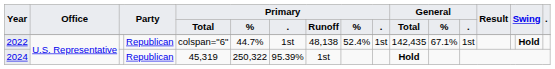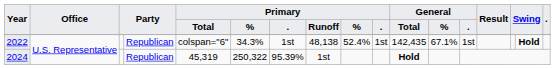 <table class="wikitable" style="font-size:90%; text-align:center;">
 <tr>
 <th style="background-color:#EAECF0;" rowspan=2>Year</th>
 <th style="background-color:#EAECF0;" rowspan=2>Office</th>
 <th style="background-color:#EAECF0;" colspan=2 rowspan=2>Party</th>
 <th style="background-color:#EAECF0;" colspan=6>Primary</th>
 <th style="background-color:#EAECF0;" colspan=3>General</th>
 <th style="background-color:#EAECF0;" rowspan=2>Result</th>
 <th style="background-color:#EAECF0;" colspan=2 rowspan=2><a href='#'>Swing</a></th>
 <th style="background-color:#EAECF0;" rowspan=2>.</th>
 </tr>
 <tr>
 <th style="background-color:#EAECF0;">Total</th>
 <th style="background-color:#EAECF0;">%</th>
 <th style="background-color:#EAECF0;">.</th>
 <th style="background-color:#EAECF0;">Runoff</th>
 <th style="background-color:#EAECF0;">%</th>
 <th style="background-color:#EAECF0;">.</th>
 <th style="background-color:#EAECF0;">Total</th>
 <th style="background-color:#EAECF0;">%</th>
 <th style="background-color:#EAECF0;">.</th>
 </tr>
 <tr>
 </tr>
 <tr>
 <td style="background-color:#EAECF0;"><a href='#'>2022</a></td>
 <td rowspan="6"><a href='#'>U.S. Representative</a></td>
 <td style="background-color:"></td>
 <td><a href='#'>Republican</a></td>
 <td>colspan="6" </td>
-<td>44.7%</td>
+<td>34.3%</td>
 <td>1st</td>
 <td>48,138</td>
 <td>52.4%</td>
 <td>1st</td>
 <td>142,435</td>
 <td>67.1%</td>
 <td>1st</td>
 <td></td>
 <td style="background-color:"></td>
 <td><strong>Hold</strong></td>
 <td></td>
 </tr>
 <tr>
 <td style="background-color:#EAECF0;"><a href='#'>2024</a></td>
 <td style="background-color:"></td>
 <td><a href='#'>Republican</a></td>
 <td>45,319</td>
 <td>250,322</td>
 <td>95.39%</td>
 <td>1st</td>
 <td></td>
 <td style="background-color:"></td>
 <td><strong>Hold</strong></td>
 <td></td>
 </tr>
 </table>
